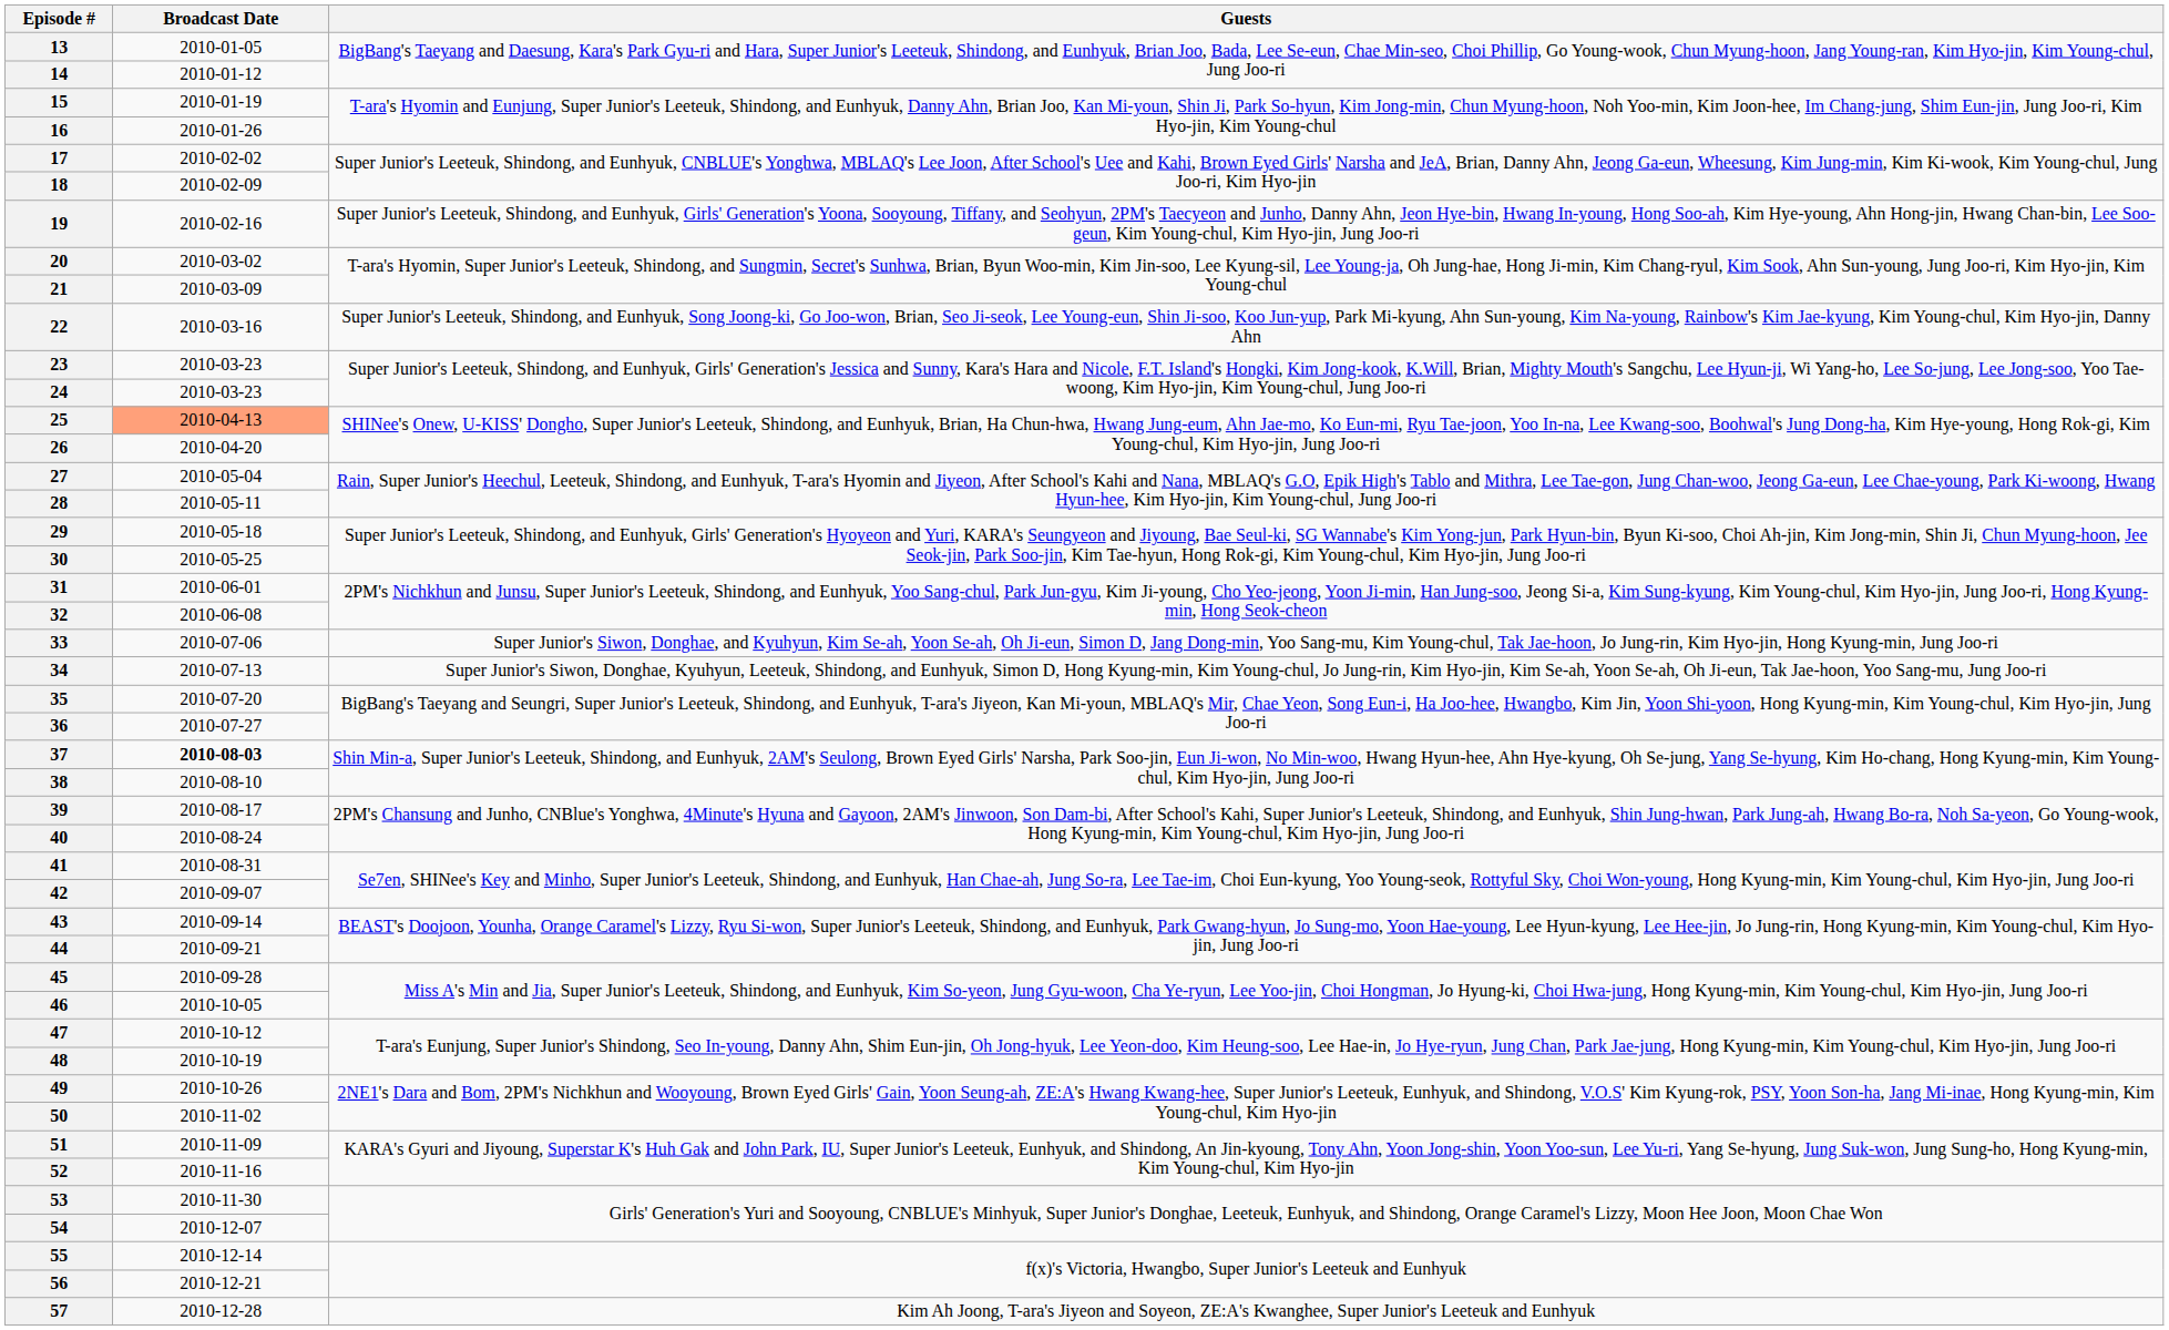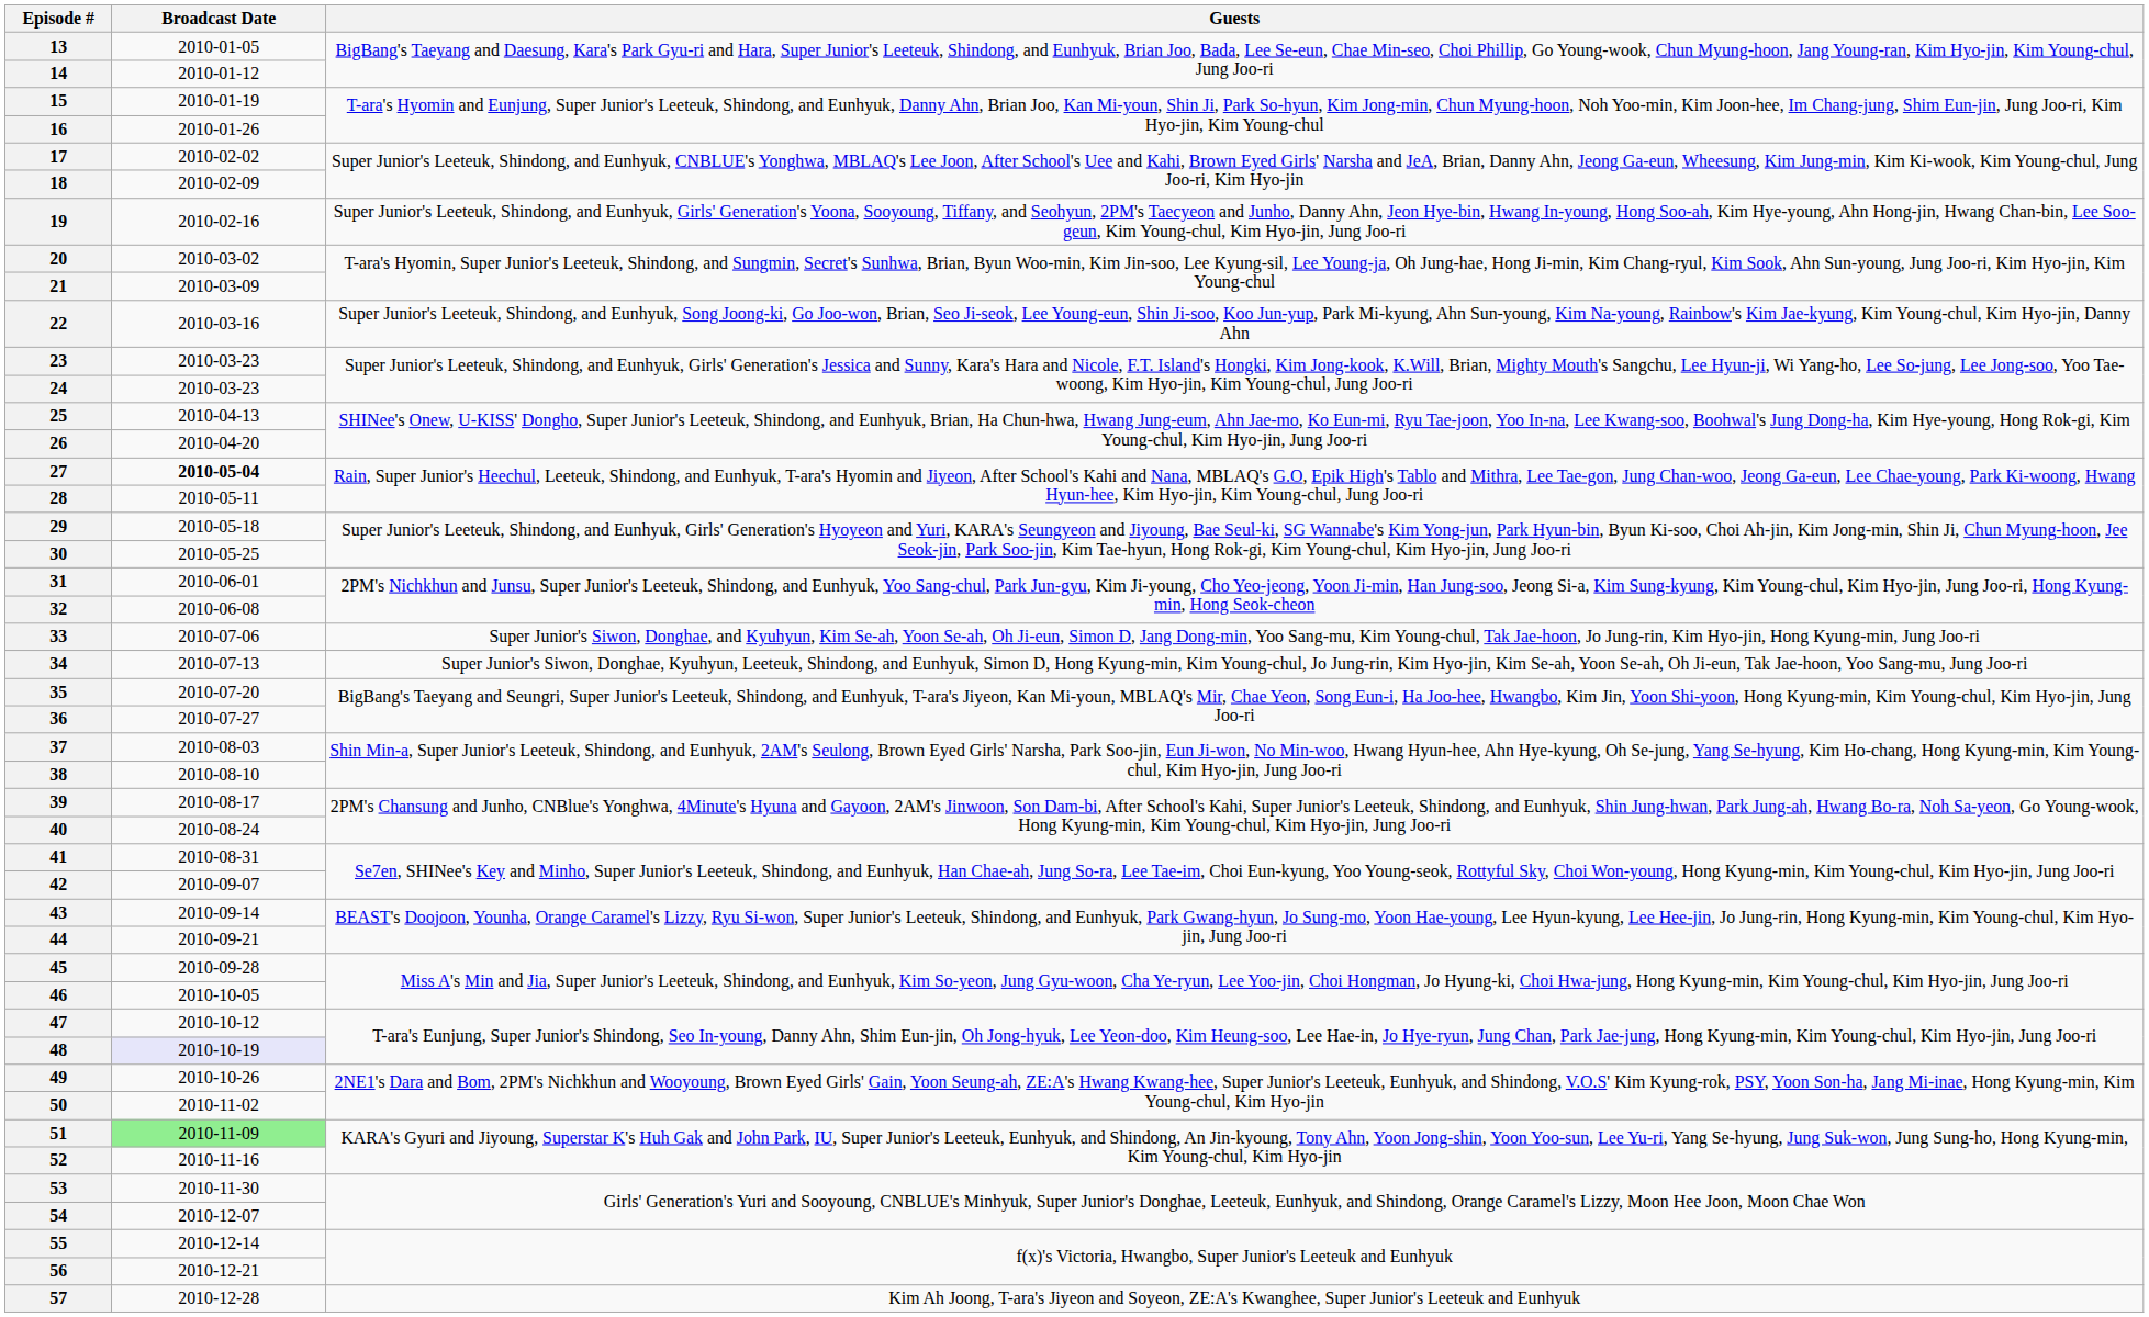 <table class="wikitable" style="text-align: center;">
 <tr>
 <th style="width:5%;">Episode #</th>
 <th style="width:10%;">Broadcast Date</th>
 <th style="width:300%;">Guests</th>
 </tr>
 <tr>
 <th>13</th>
 <td>2010-01-05</td>
 <td rowspan="2"><a href='#'>BigBang</a>'s <a href='#'>Taeyang</a> and <a href='#'>Daesung</a>, <a href='#'>Kara</a>'s <a href='#'>Park Gyu-ri</a> and <a href='#'>Hara</a>, <a href='#'>Super Junior</a>'s <a href='#'>Leeteuk</a>, <a href='#'>Shindong</a>, and <a href='#'>Eunhyuk</a>, <a href='#'>Brian Joo</a>, <a href='#'>Bada</a>, <a href='#'>Lee Se-eun</a>, <a href='#'>Chae Min-seo</a>, <a href='#'>Choi Phillip</a>, Go Young-wook, <a href='#'>Chun Myung-hoon</a>, <a href='#'>Jang Young-ran</a>, <a href='#'>Kim Hyo-jin</a>, <a href='#'>Kim Young-chul</a>, Jung Joo-ri</td>
 </tr>
 <tr>
 <th>14</th>
 <td>2010-01-12</td>
 </tr>
 <tr>
 <th>15</th>
 <td>2010-01-19</td>
 <td rowspan="2"><a href='#'>T-ara</a>'s <a href='#'>Hyomin</a> and <a href='#'>Eunjung</a>, Super Junior's Leeteuk, Shindong, and Eunhyuk, <a href='#'>Danny Ahn</a>, Brian Joo, <a href='#'>Kan Mi-youn</a>, <a href='#'>Shin Ji</a>, <a href='#'>Park So-hyun</a>, <a href='#'>Kim Jong-min</a>, <a href='#'>Chun Myung-hoon</a>, Noh Yoo-min, Kim Joon-hee, <a href='#'>Im Chang-jung</a>, <a href='#'>Shim Eun-jin</a>, Jung Joo-ri, Kim Hyo-jin, Kim Young-chul</td>
 </tr>
 <tr>
 <th>16</th>
 <td>2010-01-26</td>
 </tr>
 <tr>
 <th>17</th>
 <td>2010-02-02</td>
 <td rowspan="2">Super Junior's Leeteuk, Shindong, and Eunhyuk, <a href='#'>CNBLUE</a>'s <a href='#'>Yonghwa</a>, <a href='#'>MBLAQ</a>'s <a href='#'>Lee Joon</a>, <a href='#'>After School</a>'s <a href='#'>Uee</a> and <a href='#'>Kahi</a>, <a href='#'>Brown Eyed Girls</a>' <a href='#'>Narsha</a> and <a href='#'>JeA</a>, Brian, Danny Ahn, <a href='#'>Jeong Ga-eun</a>, <a href='#'>Wheesung</a>, <a href='#'>Kim Jung-min</a>, Kim Ki-wook, Kim Young-chul, Jung Joo-ri, Kim Hyo-jin</td>
 </tr>
 <tr>
 <th>18</th>
 <td>2010-02-09</td>
 </tr>
 <tr>
 <th>19</th>
 <td>2010-02-16</td>
 <td>Super Junior's Leeteuk, Shindong, and Eunhyuk, <a href='#'>Girls' Generation</a>'s <a href='#'>Yoona</a>, <a href='#'>Sooyoung</a>, <a href='#'>Tiffany</a>, and <a href='#'>Seohyun</a>, <a href='#'>2PM</a>'s <a href='#'>Taecyeon</a> and <a href='#'>Junho</a>, Danny Ahn, <a href='#'>Jeon Hye-bin</a>, <a href='#'>Hwang In-young</a>, <a href='#'>Hong Soo-ah</a>, Kim Hye-young, Ahn Hong-jin, Hwang Chan-bin, <a href='#'>Lee Soo-geun</a>, Kim Young-chul, Kim Hyo-jin, Jung Joo-ri</td>
 </tr>
 <tr>
 <th>20</th>
 <td>2010-03-02</td>
 <td rowspan="2">T-ara's Hyomin, Super Junior's Leeteuk, Shindong, and <a href='#'>Sungmin</a>, <a href='#'>Secret</a>'s <a href='#'>Sunhwa</a>, Brian, Byun Woo-min, Kim Jin-soo, Lee Kyung-sil, <a href='#'>Lee Young-ja</a>, Oh Jung-hae, Hong Ji-min, Kim Chang-ryul, <a href='#'>Kim Sook</a>, Ahn Sun-young, Jung Joo-ri, Kim Hyo-jin, Kim Young-chul</td>
 </tr>
 <tr>
 <th>21</th>
 <td>2010-03-09</td>
 </tr>
 <tr>
 <th>22</th>
 <td>2010-03-16</td>
 <td>Super Junior's Leeteuk, Shindong, and Eunhyuk, <a href='#'>Song Joong-ki</a>, <a href='#'>Go Joo-won</a>, Brian, <a href='#'>Seo Ji-seok</a>, <a href='#'>Lee Young-eun</a>, <a href='#'>Shin Ji-soo</a>, <a href='#'>Koo Jun-yup</a>, Park Mi-kyung, Ahn Sun-young, <a href='#'>Kim Na-young</a>, <a href='#'>Rainbow</a>'s <a href='#'>Kim Jae-kyung</a>, Kim Young-chul, Kim Hyo-jin, Danny Ahn</td>
 </tr>
 <tr>
 <th>23</th>
 <td>2010-03-23</td>
 <td rowspan="2">Super Junior's Leeteuk, Shindong, and Eunhyuk, Girls' Generation's <a href='#'>Jessica</a> and <a href='#'>Sunny</a>, Kara's Hara and <a href='#'>Nicole</a>, <a href='#'>F.T. Island</a>'s <a href='#'>Hongki</a>, <a href='#'>Kim Jong-kook</a>, <a href='#'>K.Will</a>, Brian, <a href='#'>Mighty Mouth</a>'s Sangchu, <a href='#'>Lee Hyun-ji</a>, Wi Yang-ho, <a href='#'>Lee So-jung</a>, <a href='#'>Lee Jong-soo</a>, Yoo Tae-woong, Kim Hyo-jin, Kim Young-chul, Jung Joo-ri</td>
 </tr>
 <tr>
 <th>24</th>
 <td>2010-03-23</td>
 </tr>
 <tr>
 <th>25</th>
-<td style="background: lightsalmon;">2010-04-13</td>
+<td>2010-04-13</td>
 <td rowspan="2"><a href='#'>SHINee</a>'s <a href='#'>Onew</a>, <a href='#'>U-KISS</a>' <a href='#'>Dongho</a>, Super Junior's Leeteuk, Shindong, and Eunhyuk, Brian, Ha Chun-hwa, <a href='#'>Hwang Jung-eum</a>, <a href='#'>Ahn Jae-mo</a>, <a href='#'>Ko Eun-mi</a>, <a href='#'>Ryu Tae-joon</a>, <a href='#'>Yoo In-na</a>, <a href='#'>Lee Kwang-soo</a>, <a href='#'>Boohwal</a>'s <a href='#'>Jung Dong-ha</a>, Kim Hye-young, Hong Rok-gi, Kim Young-chul, Kim Hyo-jin, Jung Joo-ri</td>
 </tr>
 <tr>
 <th>26</th>
 <td>2010-04-20</td>
 </tr>
 <tr>
 <th>27</th>
-<td>2010-05-04</td>
+<td><strong>2010-05-04</strong></td>
 <td rowspan="2"><a href='#'>Rain</a>, Super Junior's <a href='#'>Heechul</a>, Leeteuk, Shindong, and Eunhyuk, T-ara's Hyomin and <a href='#'>Jiyeon</a>, After School's Kahi and <a href='#'>Nana</a>, MBLAQ's <a href='#'>G.O</a>, <a href='#'>Epik High</a>'s <a href='#'>Tablo</a> and <a href='#'>Mithra</a>, <a href='#'>Lee Tae-gon</a>, <a href='#'>Jung Chan-woo</a>, <a href='#'>Jeong Ga-eun</a>, <a href='#'>Lee Chae-young</a>, <a href='#'>Park Ki-woong</a>, <a href='#'>Hwang Hyun-hee</a>, Kim Hyo-jin, Kim Young-chul, Jung Joo-ri</td>
 </tr>
 <tr>
 <th>28</th>
 <td>2010-05-11</td>
 </tr>
 <tr>
 <th>29</th>
 <td>2010-05-18</td>
 <td rowspan="2">Super Junior's Leeteuk, Shindong, and Eunhyuk, Girls' Generation's <a href='#'>Hyoyeon</a> and <a href='#'>Yuri</a>, KARA's <a href='#'>Seungyeon</a> and <a href='#'>Jiyoung</a>, <a href='#'>Bae Seul-ki</a>, <a href='#'>SG Wannabe</a>'s <a href='#'>Kim Yong-jun</a>, <a href='#'>Park Hyun-bin</a>, Byun Ki-soo, Choi Ah-jin, Kim Jong-min, Shin Ji, <a href='#'>Chun Myung-hoon</a>, <a href='#'>Jee Seok-jin</a>, <a href='#'>Park Soo-jin</a>, Kim Tae-hyun, Hong Rok-gi, Kim Young-chul, Kim Hyo-jin, Jung Joo-ri</td>
 </tr>
 <tr>
 <th>30</th>
 <td>2010-05-25</td>
 </tr>
 <tr>
 <th>31</th>
 <td>2010-06-01</td>
 <td rowspan="2">2PM's <a href='#'>Nichkhun</a> and <a href='#'>Junsu</a>, Super Junior's Leeteuk, Shindong, and Eunhyuk, <a href='#'>Yoo Sang-chul</a>, <a href='#'>Park Jun-gyu</a>, Kim Ji-young, <a href='#'>Cho Yeo-jeong</a>, <a href='#'>Yoon Ji-min</a>, <a href='#'>Han Jung-soo</a>, Jeong Si-a, <a href='#'>Kim Sung-kyung</a>, Kim Young-chul, Kim Hyo-jin, Jung Joo-ri, <a href='#'>Hong Kyung-min</a>, <a href='#'>Hong Seok-cheon</a></td>
 </tr>
 <tr>
 <th>32</th>
 <td>2010-06-08</td>
 </tr>
 <tr>
 <th>33</th>
 <td>2010-07-06</td>
 <td>Super Junior's <a href='#'>Siwon</a>, <a href='#'>Donghae</a>, and <a href='#'>Kyuhyun</a>, <a href='#'>Kim Se-ah</a>, <a href='#'>Yoon Se-ah</a>, <a href='#'>Oh Ji-eun</a>, <a href='#'>Simon D</a>, <a href='#'>Jang Dong-min</a>, Yoo Sang-mu, Kim Young-chul, <a href='#'>Tak Jae-hoon</a>, Jo Jung-rin, Kim Hyo-jin, Hong Kyung-min, Jung Joo-ri</td>
 </tr>
 <tr>
 <th>34</th>
 <td>2010-07-13</td>
 <td>Super Junior's Siwon, Donghae, Kyuhyun, Leeteuk, Shindong, and Eunhyuk, Simon D, Hong Kyung-min, Kim Young-chul, Jo Jung-rin, Kim Hyo-jin, Kim Se-ah, Yoon Se-ah, Oh Ji-eun, Tak Jae-hoon, Yoo Sang-mu, Jung Joo-ri</td>
 </tr>
 <tr>
 <th>35</th>
 <td>2010-07-20</td>
 <td rowspan="2">BigBang's Taeyang and Seungri, Super Junior's Leeteuk, Shindong, and Eunhyuk, T-ara's Jiyeon, Kan Mi-youn, MBLAQ's <a href='#'>Mir</a>, <a href='#'>Chae Yeon</a>, <a href='#'>Song Eun-i</a>, <a href='#'>Ha Joo-hee</a>, <a href='#'>Hwangbo</a>, Kim Jin, <a href='#'>Yoon Shi-yoon</a>, Hong Kyung-min, Kim Young-chul, Kim Hyo-jin, Jung Joo-ri</td>
 </tr>
 <tr>
 <th>36</th>
 <td>2010-07-27</td>
 </tr>
 <tr>
 <th>37</th>
-<td><strong>2010-08-03</strong></td>
+<td>2010-08-03</td>
 <td rowspan="2"><a href='#'>Shin Min-a</a>, Super Junior's Leeteuk, Shindong, and Eunhyuk, <a href='#'>2AM</a>'s <a href='#'>Seulong</a>, Brown Eyed Girls' Narsha, Park Soo-jin, <a href='#'>Eun Ji-won</a>, <a href='#'>No Min-woo</a>, Hwang Hyun-hee, Ahn Hye-kyung, Oh Se-jung, <a href='#'>Yang Se-hyung</a>, Kim Ho-chang, Hong Kyung-min, Kim Young-chul, Kim Hyo-jin, Jung Joo-ri</td>
 </tr>
 <tr>
 <th>38</th>
 <td>2010-08-10</td>
 </tr>
 <tr>
 <th>39</th>
 <td>2010-08-17</td>
 <td rowspan="2">2PM's <a href='#'>Chansung</a> and Junho, CNBlue's Yonghwa, <a href='#'>4Minute</a>'s <a href='#'>Hyuna</a> and <a href='#'>Gayoon</a>, 2AM's <a href='#'>Jinwoon</a>, <a href='#'>Son Dam-bi</a>, After School's Kahi, Super Junior's Leeteuk, Shindong, and Eunhyuk, <a href='#'>Shin Jung-hwan</a>, <a href='#'>Park Jung-ah</a>, <a href='#'>Hwang Bo-ra</a>, <a href='#'>Noh Sa-yeon</a>, Go Young-wook, Hong Kyung-min, Kim Young-chul, Kim Hyo-jin, Jung Joo-ri</td>
 </tr>
 <tr>
 <th>40</th>
 <td>2010-08-24</td>
 </tr>
 <tr>
 <th>41</th>
 <td>2010-08-31</td>
 <td rowspan="2"><a href='#'>Se7en</a>, SHINee's <a href='#'>Key</a> and <a href='#'>Minho</a>, Super Junior's Leeteuk, Shindong, and Eunhyuk, <a href='#'>Han Chae-ah</a>, <a href='#'>Jung So-ra</a>, <a href='#'>Lee Tae-im</a>, Choi Eun-kyung, Yoo Young-seok, <a href='#'>Rottyful Sky</a>, <a href='#'>Choi Won-young</a>, Hong Kyung-min, Kim Young-chul, Kim Hyo-jin, Jung Joo-ri</td>
 </tr>
 <tr>
 <th>42</th>
 <td>2010-09-07</td>
 </tr>
 <tr>
 <th>43</th>
 <td>2010-09-14</td>
 <td rowspan="2"><a href='#'>BEAST</a>'s <a href='#'>Doojoon</a>, <a href='#'>Younha</a>, <a href='#'>Orange Caramel</a>'s <a href='#'>Lizzy</a>, <a href='#'>Ryu Si-won</a>, Super Junior's Leeteuk, Shindong, and Eunhyuk, <a href='#'>Park Gwang-hyun</a>, <a href='#'>Jo Sung-mo</a>, <a href='#'>Yoon Hae-young</a>, Lee Hyun-kyung, <a href='#'>Lee Hee-jin</a>, Jo Jung-rin, Hong Kyung-min, Kim Young-chul, Kim Hyo-jin, Jung Joo-ri</td>
 </tr>
 <tr>
 <th>44</th>
 <td>2010-09-21</td>
 </tr>
 <tr>
 <th>45</th>
 <td>2010-09-28</td>
 <td rowspan="2"><a href='#'>Miss A</a>'s <a href='#'>Min</a> and <a href='#'>Jia</a>, Super Junior's Leeteuk, Shindong, and Eunhyuk, <a href='#'>Kim So-yeon</a>, <a href='#'>Jung Gyu-woon</a>, <a href='#'>Cha Ye-ryun</a>, <a href='#'>Lee Yoo-jin</a>, <a href='#'>Choi Hongman</a>, Jo Hyung-ki, <a href='#'>Choi Hwa-jung</a>, Hong Kyung-min, Kim Young-chul, Kim Hyo-jin, Jung Joo-ri</td>
 </tr>
 <tr>
 <th>46</th>
 <td>2010-10-05</td>
 </tr>
 <tr>
 <th>47</th>
 <td>2010-10-12</td>
 <td rowspan="2">T-ara's Eunjung, Super Junior's Shindong, <a href='#'>Seo In-young</a>, Danny Ahn, Shim Eun-jin, <a href='#'>Oh Jong-hyuk</a>, <a href='#'>Lee Yeon-doo</a>, <a href='#'>Kim Heung-soo</a>, Lee Hae-in, <a href='#'>Jo Hye-ryun</a>, <a href='#'>Jung Chan</a>, <a href='#'>Park Jae-jung</a>, Hong Kyung-min, Kim Young-chul, Kim Hyo-jin, Jung Joo-ri</td>
 </tr>
 <tr>
 <th>48</th>
-<td>2010-10-19</td>
+<td style="background: lavender;">2010-10-19</td>
 </tr>
 <tr>
 <th>49</th>
 <td>2010-10-26</td>
 <td rowspan="2"><a href='#'>2NE1</a>'s <a href='#'>Dara</a> and <a href='#'>Bom</a>, 2PM's Nichkhun and <a href='#'>Wooyoung</a>, Brown Eyed Girls' <a href='#'>Gain</a>, <a href='#'>Yoon Seung-ah</a>, <a href='#'>ZE:A</a>'s <a href='#'>Hwang Kwang-hee</a>, Super Junior's Leeteuk, Eunhyuk, and Shindong, <a href='#'>V.O.S</a>' Kim Kyung-rok, <a href='#'>PSY</a>, <a href='#'>Yoon Son-ha</a>, <a href='#'>Jang Mi-inae</a>, Hong Kyung-min, Kim Young-chul, Kim Hyo-jin</td>
 </tr>
 <tr>
 <th>50</th>
 <td>2010-11-02</td>
 </tr>
 <tr>
 <th>51</th>
-<td>2010-11-09</td>
+<td style="background: lightgreen;">2010-11-09</td>
 <td rowspan="2">KARA's Gyuri and Jiyoung, <a href='#'>Superstar K</a>'s <a href='#'>Huh Gak</a> and <a href='#'>John Park</a>, <a href='#'>IU</a>, Super Junior's Leeteuk, Eunhyuk, and Shindong, An Jin-kyoung, <a href='#'>Tony Ahn</a>, <a href='#'>Yoon Jong-shin</a>, <a href='#'>Yoon Yoo-sun</a>, <a href='#'>Lee Yu-ri</a>, Yang Se-hyung, <a href='#'>Jung Suk-won</a>, Jung Sung-ho, Hong Kyung-min, Kim Young-chul, Kim Hyo-jin</td>
 </tr>
 <tr>
 <th>52</th>
 <td>2010-11-16</td>
 </tr>
 <tr>
 <th>53</th>
 <td>2010-11-30</td>
 <td rowspan="2">Girls' Generation's Yuri and Sooyoung, CNBLUE's Minhyuk, Super Junior's Donghae, Leeteuk, Eunhyuk, and Shindong, Orange Caramel's Lizzy, Moon Hee Joon, Moon Chae Won</td>
 </tr>
 <tr>
 <th>54</th>
 <td>2010-12-07</td>
 </tr>
 <tr>
 <th>55</th>
 <td>2010-12-14</td>
 <td rowspan="2">f(x)'s Victoria, Hwangbo, Super Junior's Leeteuk and Eunhyuk</td>
 </tr>
 <tr>
 <th>56</th>
 <td>2010-12-21</td>
 </tr>
 <tr>
 <th>57</th>
 <td>2010-12-28</td>
 <td>Kim Ah Joong, T-ara's Jiyeon and Soyeon, ZE:A's Kwanghee, Super Junior's Leeteuk and Eunhyuk</td>
 </tr>
 </table>
